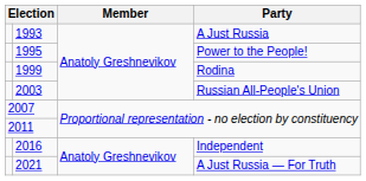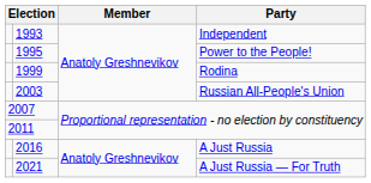 <table class="wikitable">
 <tr>
 <th colspan="2">Election</th>
 <th>Member</th>
 <th>Party</th>
 </tr>
 <tr>
 <td style="background-color:"></td>
 <td><a href='#'>1993</a></td>
 <td rowspan=4><a href='#'>Anatoly Greshnevikov</a></td>
-<td><a href='#'>A Just Russia</a></td>
+<td><a href='#'>Independent</a></td>
 </tr>
 <tr>
 <td style="background-color:"></td>
 <td><a href='#'>1995</a></td>
 <td><a href='#'>Power to the People!</a></td>
 </tr>
 <tr>
 <td style="background-color:"></td>
 <td><a href='#'>1999</a></td>
 <td><a href='#'>Rodina</a></td>
 </tr>
 <tr>
 <td style="background-color:"></td>
 <td><a href='#'>2003</a></td>
 <td><a href='#'>Russian All-People's Union</a></td>
 </tr>
 <tr>
 <td colspan=2><a href='#'>2007</a></td>
 <td colspan=2 rowspan=2><em><a href='#'>Proportional representation</a> - no election by constituency</em></td>
 </tr>
 <tr>
 <td colspan=2><a href='#'>2011</a></td>
 </tr>
 <tr>
 <td style="background-color: "></td>
 <td><a href='#'>2016</a></td>
 <td rowspan=2><a href='#'>Anatoly Greshnevikov</a></td>
-<td><a href='#'>Independent</a></td>
+<td><a href='#'>A Just Russia</a></td>
 </tr>
 <tr>
 <td style="background-color: "></td>
 <td><a href='#'>2021</a></td>
 <td><a href='#'>A Just Russia — For Truth</a></td>
 </tr>
 </table>
